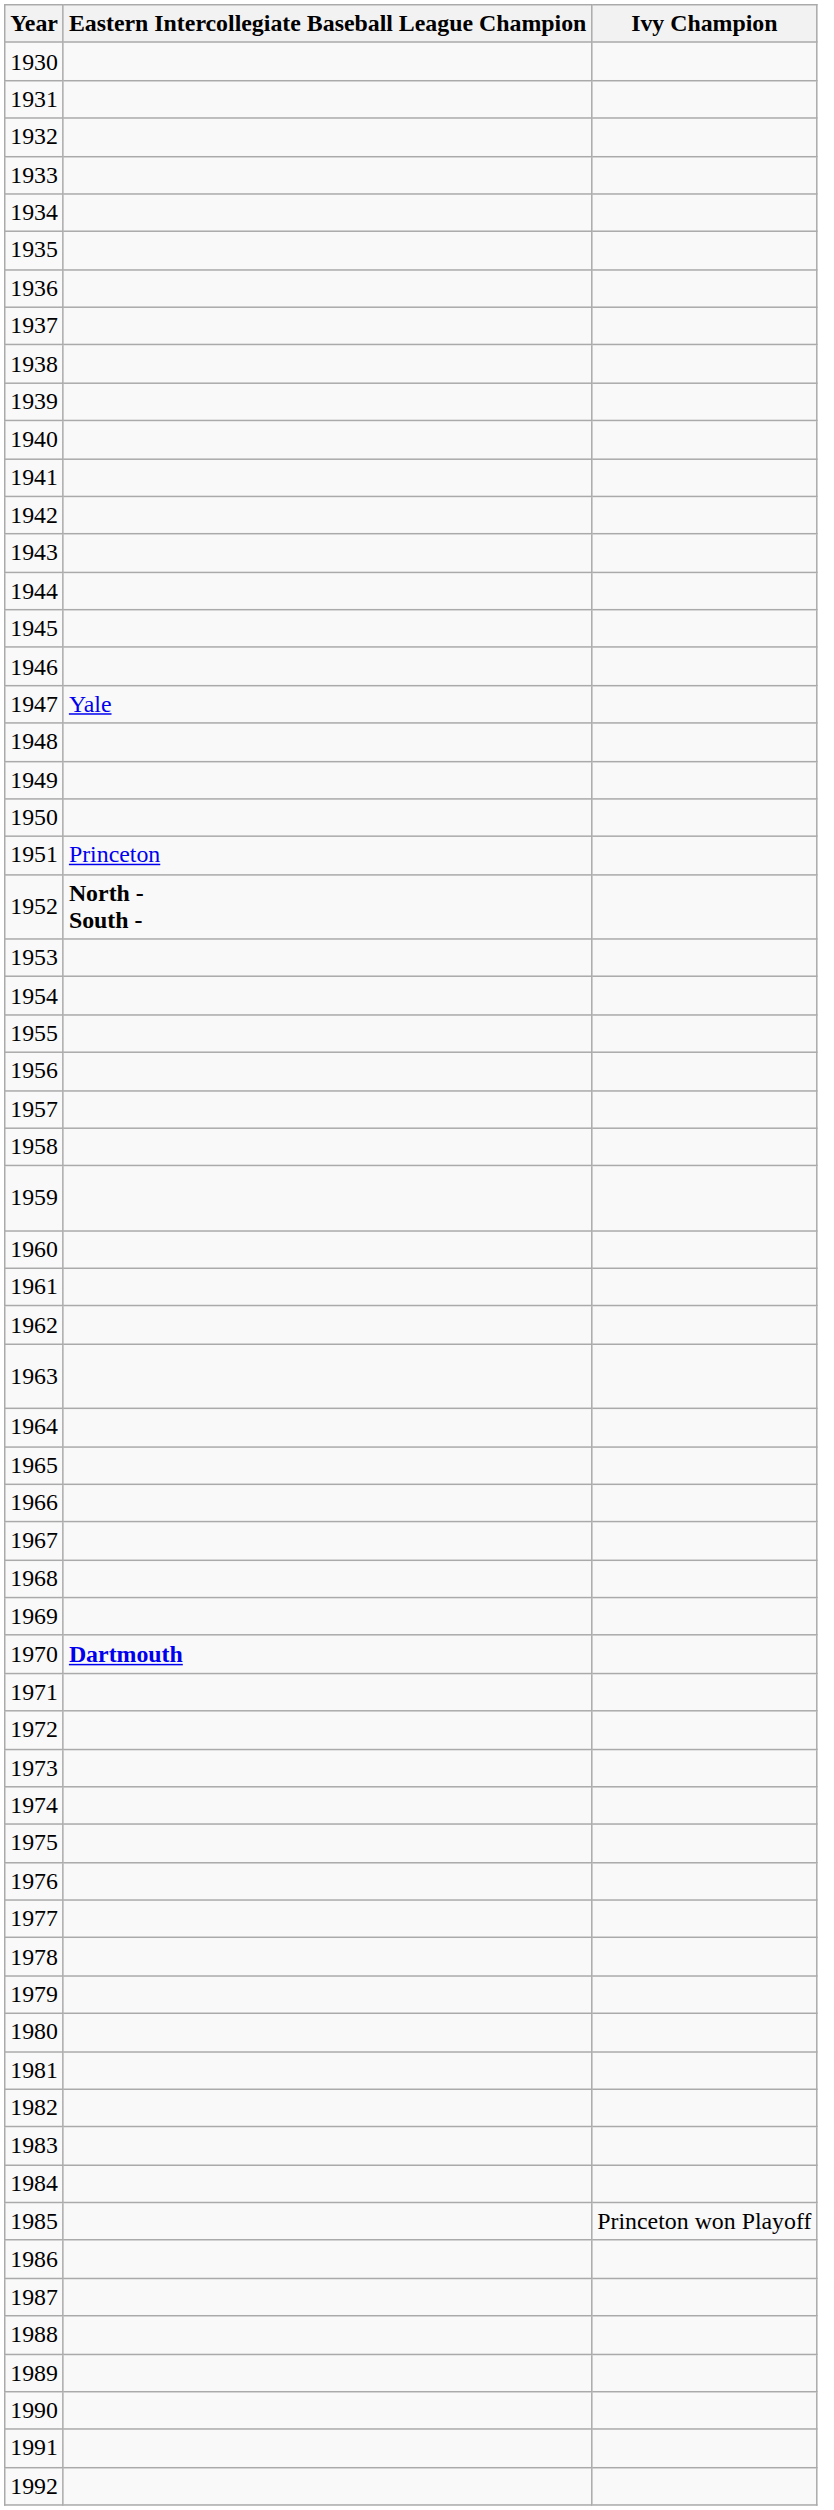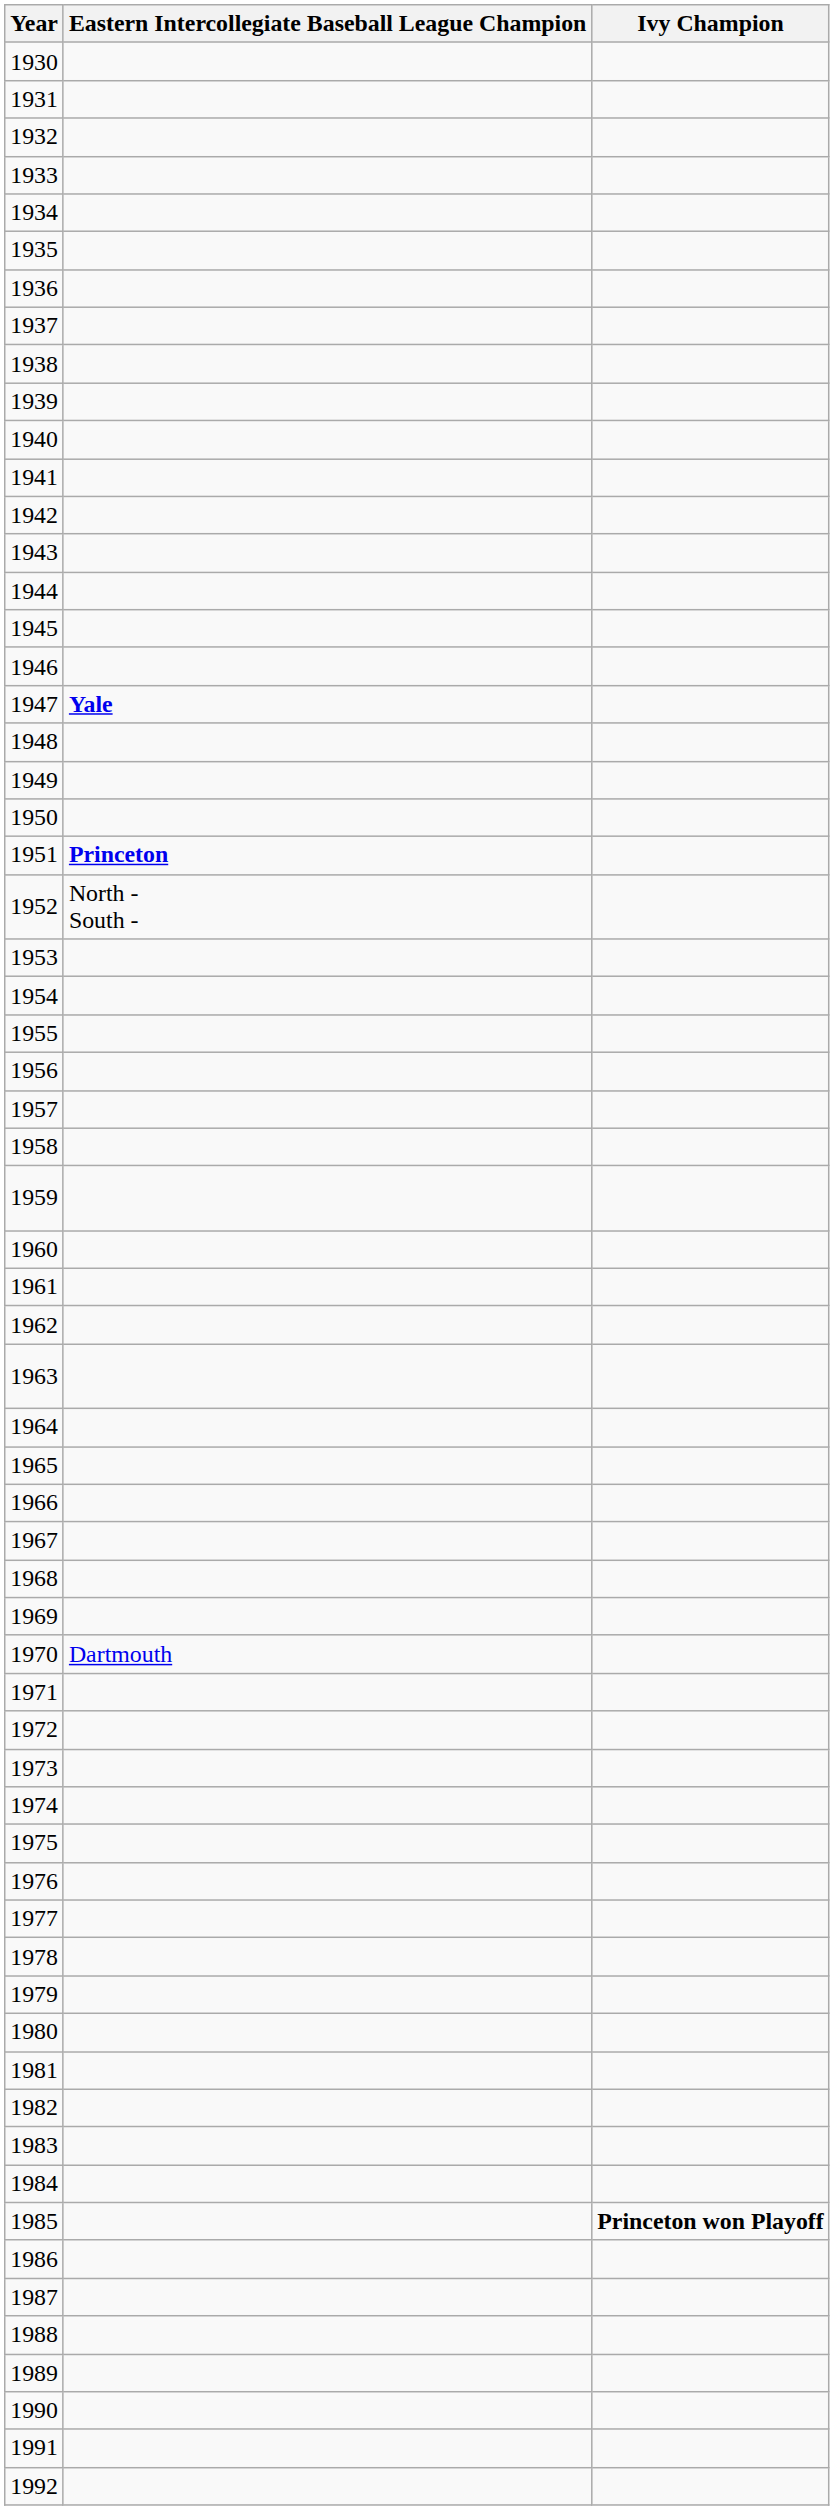 <table class="wikitable sortable">
 <tr>
 <th>Year</th>
 <th>Eastern Intercollegiate Baseball League Champion</th>
 <th>Ivy Champion</th>
 </tr>
 <tr>
 <td>1930</td>
 <td></td>
 <td></td>
 </tr>
 <tr>
 <td>1931</td>
 <td></td>
 <td></td>
 </tr>
 <tr>
 <td>1932</td>
 <td></td>
 <td></td>
 </tr>
 <tr>
 <td>1933</td>
 <td></td>
 <td></td>
 </tr>
 <tr>
 <td>1934</td>
 <td></td>
 <td></td>
 </tr>
 <tr>
 <td>1935</td>
 <td></td>
 <td></td>
 </tr>
 <tr>
 <td>1936</td>
 <td><br></td>
 <td></td>
 </tr>
 <tr>
 <td>1937</td>
 <td></td>
 <td></td>
 </tr>
 <tr>
 <td>1938</td>
 <td></td>
 <td></td>
 </tr>
 <tr>
 <td>1939</td>
 <td><br></td>
 <td></td>
 </tr>
 <tr>
 <td>1940</td>
 <td></td>
 <td></td>
 </tr>
 <tr>
 <td>1941</td>
 <td></td>
 <td></td>
 </tr>
 <tr>
 <td>1942</td>
 <td></td>
 <td></td>
 </tr>
 <tr>
 <td>1943</td>
 <td></td>
 <td></td>
 </tr>
 <tr>
 <td>1944</td>
 <td></td>
 <td></td>
 </tr>
 <tr>
 <td>1945</td>
 <td></td>
 <td></td>
 </tr>
 <tr>
 <td>1946</td>
 <td></td>
 <td></td>
 </tr>
 <tr>
 <td>1947</td>
-<td><a href='#'>Yale</a></td>
+<td><strong><a href='#'>Yale</a></strong></td>
 <td></td>
 </tr>
 <tr>
 <td>1948</td>
 <td></td>
 <td></td>
 </tr>
 <tr>
 <td>1949</td>
 <td></td>
 <td></td>
 </tr>
 <tr>
 <td>1950</td>
 <td><br></td>
 <td></td>
 </tr>
 <tr>
 <td>1951</td>
-<td><a href='#'>Princeton</a></td>
+<td><strong><a href='#'>Princeton</a></strong></td>
 <td></td>
 </tr>
 <tr>
 <td>1952</td>
-<td><strong>North - <br>South - </strong></td>
+<td>North - <br>South - </td>
 <td></td>
 </tr>
 <tr>
 <td>1953</td>
 <td></td>
 <td></td>
 </tr>
 <tr>
 <td>1954</td>
 <td></td>
 <td></td>
 </tr>
 <tr>
 <td>1955</td>
 <td></td>
 <td></td>
 </tr>
 <tr>
 <td>1956</td>
 <td></td>
 <td></td>
 </tr>
 <tr>
 <td>1957</td>
 <td></td>
 <td></td>
 </tr>
 <tr>
 <td>1958</td>
 <td></td>
 <td></td>
 </tr>
 <tr>
 <td>1959</td>
 <td></td>
 <td><br><br></td>
 </tr>
 <tr>
 <td>1960</td>
 <td></td>
 <td></td>
 </tr>
 <tr>
 <td>1961</td>
 <td></td>
 <td></td>
 </tr>
 <tr>
 <td>1962</td>
 <td></td>
 <td></td>
 </tr>
 <tr>
 <td>1963</td>
 <td><br><br></td>
 <td></td>
 </tr>
 <tr>
 <td>1964</td>
 <td></td>
 <td></td>
 </tr>
 <tr>
 <td>1965</td>
 <td></td>
 <td></td>
 </tr>
 <tr>
 <td>1966</td>
 <td></td>
 <td></td>
 </tr>
 <tr>
 <td>1967</td>
 <td></td>
 <td></td>
 </tr>
 <tr>
 <td>1968</td>
 <td></td>
 <td></td>
 </tr>
 <tr>
 <td>1969</td>
 <td></td>
 <td></td>
 </tr>
 <tr>
 <td>1970</td>
-<td><strong><a href='#'>Dartmouth</a></strong></td>
+<td><a href='#'>Dartmouth</a></td>
 <td></td>
 </tr>
 <tr>
 <td>1971</td>
 <td></td>
 <td></td>
 </tr>
 <tr>
 <td>1972</td>
 <td><br></td>
 <td></td>
 </tr>
 <tr>
 <td>1973</td>
 <td></td>
 <td></td>
 </tr>
 <tr>
 <td>1974</td>
 <td></td>
 <td></td>
 </tr>
 <tr>
 <td>1975</td>
 <td></td>
 <td></td>
 </tr>
 <tr>
 <td>1976</td>
 <td></td>
 <td></td>
 </tr>
 <tr>
 <td>1977</td>
 <td><br></td>
 <td></td>
 </tr>
 <tr>
 <td>1978</td>
 <td></td>
 <td></td>
 </tr>
 <tr>
 <td>1979</td>
 <td></td>
 <td></td>
 </tr>
 <tr>
 <td>1980</td>
 <td></td>
 <td></td>
 </tr>
 <tr>
 <td>1981</td>
 <td></td>
 <td></td>
 </tr>
 <tr>
 <td>1982</td>
 <td></td>
 <td></td>
 </tr>
 <tr>
 <td>1983</td>
 <td></td>
 <td></td>
 </tr>
 <tr>
 <td>1984</td>
 <td></td>
 <td></td>
 </tr>
 <tr>
 <td>1985</td>
 <td><br></td>
-<td>Princeton won Playoff</td>
+<td><strong>Princeton won Playoff</strong></td>
 </tr>
 <tr>
 <td>1986</td>
 <td></td>
 <td></td>
 </tr>
 <tr>
 <td>1987</td>
 <td></td>
 <td></td>
 </tr>
 <tr>
 <td>1988</td>
 <td></td>
 <td></td>
 </tr>
 <tr>
 <td>1989</td>
 <td></td>
 <td></td>
 </tr>
 <tr>
 <td>1990</td>
 <td></td>
 <td></td>
 </tr>
 <tr>
 <td>1991</td>
 <td></td>
 <td></td>
 </tr>
 <tr>
 <td>1992</td>
 <td></td>
 <td></td>
 </tr>
 </table>
